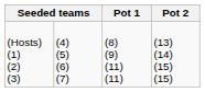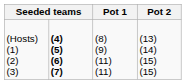 <table class="wikitable">
 <tr>
 <th colspan=2>Seeded teams</th>
 <th width=25%>Pot 1</th>
 <th width=25%>Pot 2</th>
 </tr>
 <tr>
 <td width=25%><br> (Hosts)<br>  (1)<br>  (2)<br>  (3)</td>
-<td width=25%><br> (4)<br>  (5)<br>  (6)<br>  (7)</td>
+<td width=25%><strong><br> (4)<br>  (5)<br>  (6)<br>  (7)</strong></td>
 <td><br> (8)<br>  (9)<br>  (11)<br>  (11)</td>
 <td><br> (13)<br>  (14)<br>  (15)<br>  (15)</td>
 </tr>
 </table>
